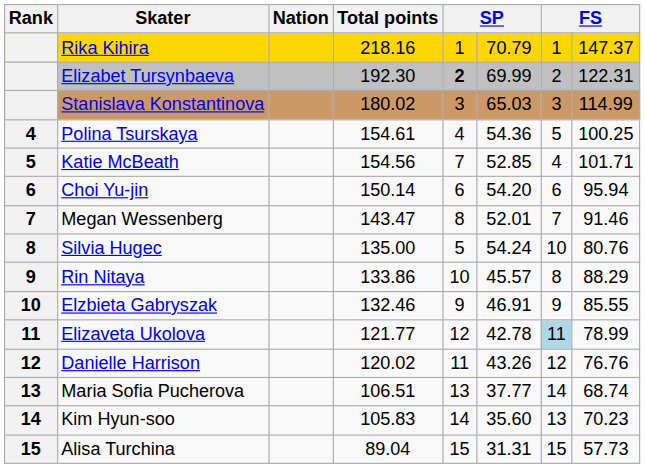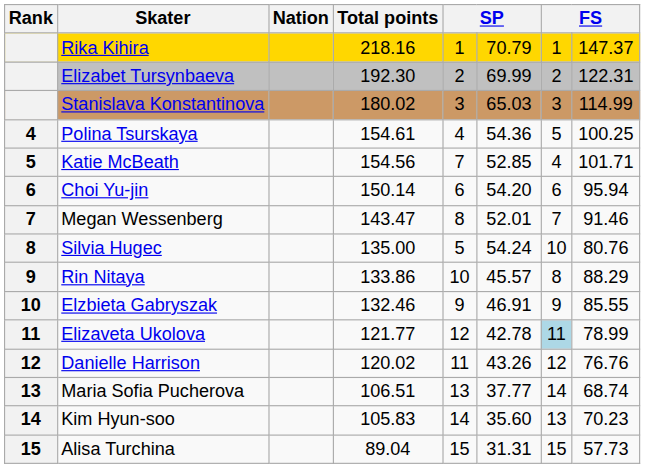 <table class="wikitable sortable" style="text-align:left">
 <tr>
 <th scope="col">Rank</th>
 <th scope="col">Skater</th>
 <th scope="col">Nation</th>
 <th scope="col">Total points</th>
 <th scope="col" colspan="2" width="80px"><a href='#'>SP</a></th>
 <th scope="col" colspan="2" width="80px"><a href='#'>FS</a></th>
 </tr>
 <tr bgcolor="gold">
 <th scope="row"></th>
 <td><a href='#'>Rika Kihira</a></td>
 <td></td>
 <td align="center">218.16</td>
 <td align="center">1</td>
 <td align="center">70.79</td>
 <td align="center">1</td>
 <td align="center">147.37</td>
 </tr>
 <tr bgcolor="silver">
 <th scope="row"></th>
 <td><a href='#'>Elizabet Tursynbaeva</a></td>
 <td></td>
 <td align="center">192.30</td>
-<td align="center"><strong>2</strong></td>
+<td align="center">2</td>
 <td align="center">69.99</td>
 <td align="center">2</td>
 <td align="center">122.31</td>
 </tr>
 <tr bgcolor="cc9966">
 <th scope="row"></th>
 <td><a href='#'>Stanislava Konstantinova</a></td>
 <td></td>
 <td align="center">180.02</td>
 <td align="center">3</td>
 <td align="center">65.03</td>
 <td align="center">3</td>
 <td align="center">114.99</td>
 </tr>
 <tr>
 <th scope="row">4</th>
 <td><a href='#'>Polina Tsurskaya</a></td>
 <td></td>
 <td align="center">154.61</td>
 <td align="center">4</td>
 <td align="center">54.36</td>
 <td align="center">5</td>
 <td align="center">100.25</td>
 </tr>
 <tr>
 <th scope="row">5</th>
 <td><a href='#'>Katie McBeath</a></td>
 <td></td>
 <td align="center">154.56</td>
 <td align="center">7</td>
 <td align="center">52.85</td>
 <td align="center">4</td>
 <td align="center">101.71</td>
 </tr>
 <tr>
 <th scope="row">6</th>
 <td><a href='#'>Choi Yu-jin</a></td>
 <td></td>
 <td align="center">150.14</td>
 <td align="center">6</td>
 <td align="center">54.20</td>
 <td align="center">6</td>
 <td align="center">95.94</td>
 </tr>
 <tr>
 <th scope="row">7</th>
 <td>Megan Wessenberg</td>
 <td></td>
 <td align="center">143.47</td>
 <td align="center">8</td>
 <td align="center">52.01</td>
 <td align="center">7</td>
 <td align="center">91.46</td>
 </tr>
 <tr>
 <th scope="row">8</th>
 <td><a href='#'>Silvia Hugec</a></td>
 <td></td>
 <td align="center">135.00</td>
 <td align="center">5</td>
 <td align="center">54.24</td>
 <td align="center">10</td>
 <td align="center">80.76</td>
 </tr>
 <tr>
 <th scope="row">9</th>
 <td><a href='#'>Rin Nitaya</a></td>
 <td></td>
 <td align="center">133.86</td>
 <td align="center">10</td>
 <td align="center">45.57</td>
 <td align="center">8</td>
 <td align="center">88.29</td>
 </tr>
 <tr>
 <th scope="row">10</th>
 <td><a href='#'>Elzbieta Gabryszak</a></td>
 <td></td>
 <td align="center">132.46</td>
 <td align="center">9</td>
 <td align="center">46.91</td>
 <td align="center">9</td>
 <td align="center">85.55</td>
 </tr>
 <tr>
 <th scope="row">11</th>
 <td><a href='#'>Elizaveta Ukolova</a></td>
 <td></td>
 <td align="center">121.77</td>
 <td align="center">12</td>
 <td align="center">42.78</td>
 <td align="center" style="background: lightblue;">11</td>
 <td align="center">78.99</td>
 </tr>
 <tr>
 <th scope="row">12</th>
 <td><a href='#'>Danielle Harrison</a></td>
 <td></td>
 <td align="center">120.02</td>
 <td align="center">11</td>
 <td align="center">43.26</td>
 <td align="center">12</td>
 <td align="center">76.76</td>
 </tr>
 <tr>
 <th scope="row">13</th>
 <td>Maria Sofia Pucherova</td>
 <td></td>
 <td align="center">106.51</td>
 <td align="center">13</td>
 <td align="center">37.77</td>
 <td align="center">14</td>
 <td align="center">68.74</td>
 </tr>
 <tr>
 <th scope="row">14</th>
 <td>Kim Hyun-soo</td>
 <td></td>
 <td align="center">105.83</td>
 <td align="center">14</td>
 <td align="center">35.60</td>
 <td align="center">13</td>
 <td align="center">70.23</td>
 </tr>
 <tr>
 <th scope="row">15</th>
 <td>Alisa Turchina</td>
 <td></td>
 <td align="center">89.04</td>
 <td align="center">15</td>
 <td align="center">31.31</td>
 <td align="center">15</td>
 <td align="center">57.73</td>
 </tr>
 </table>
